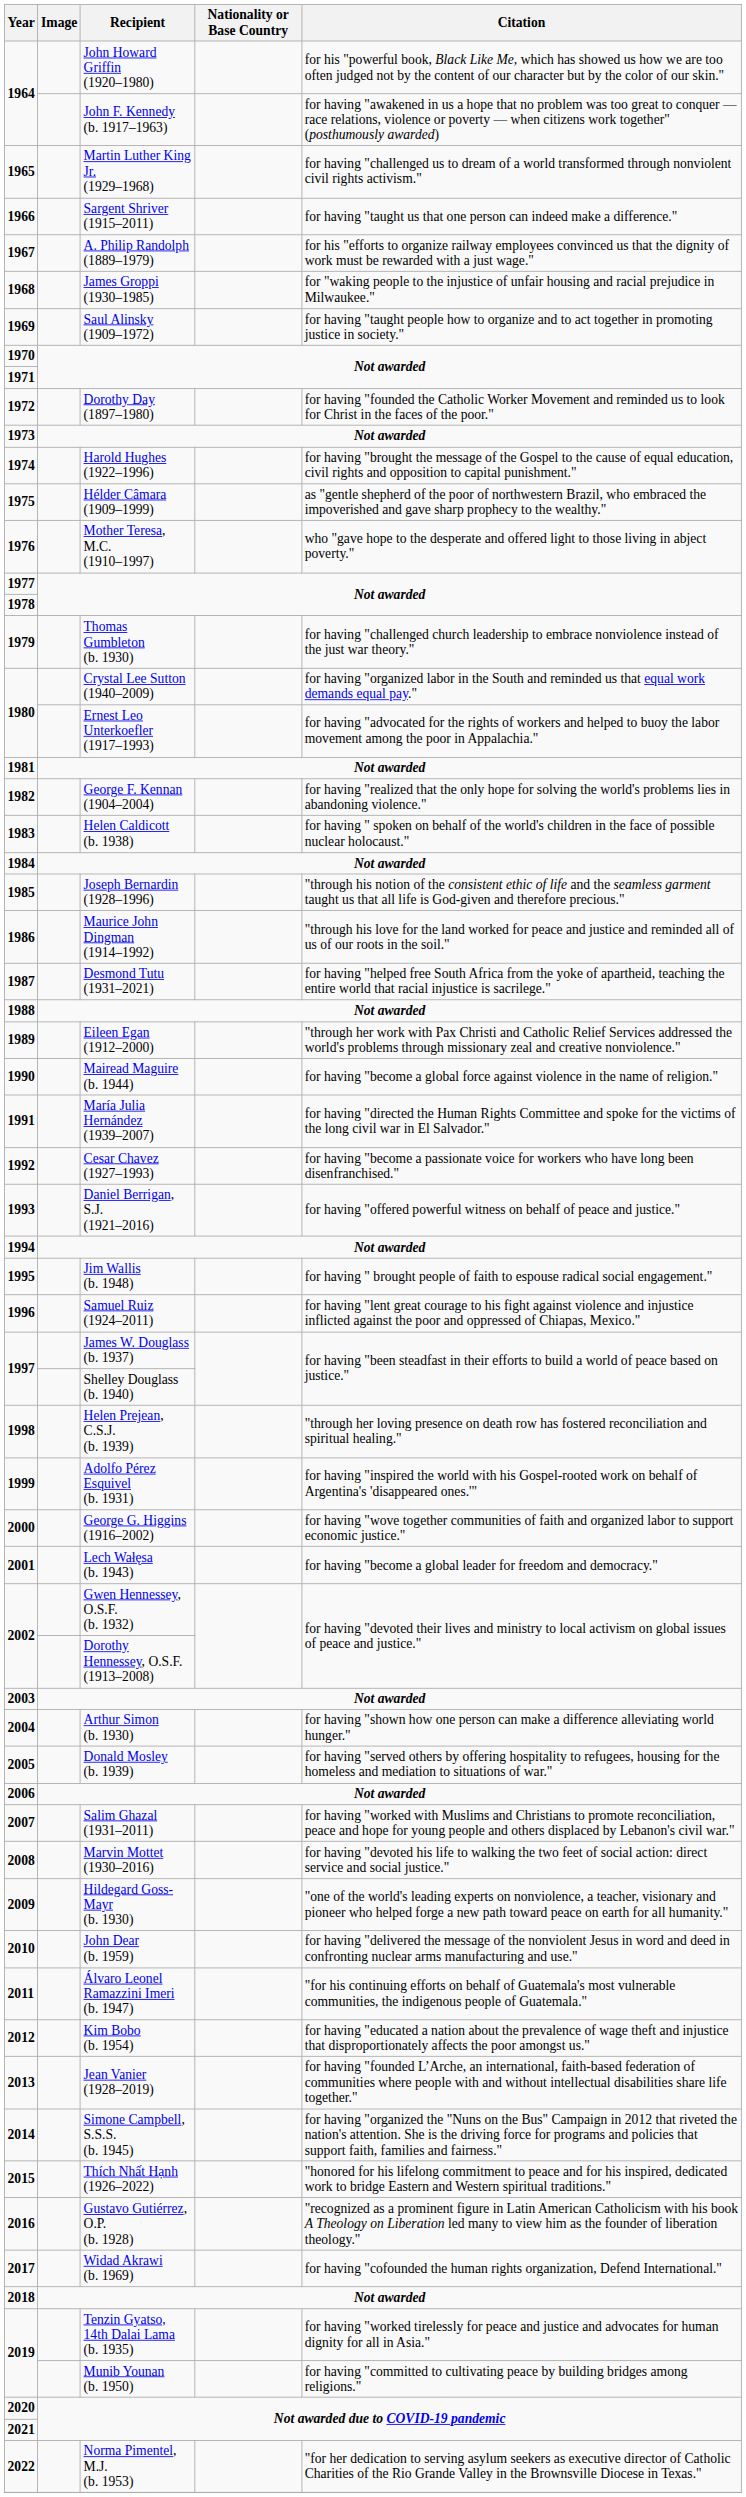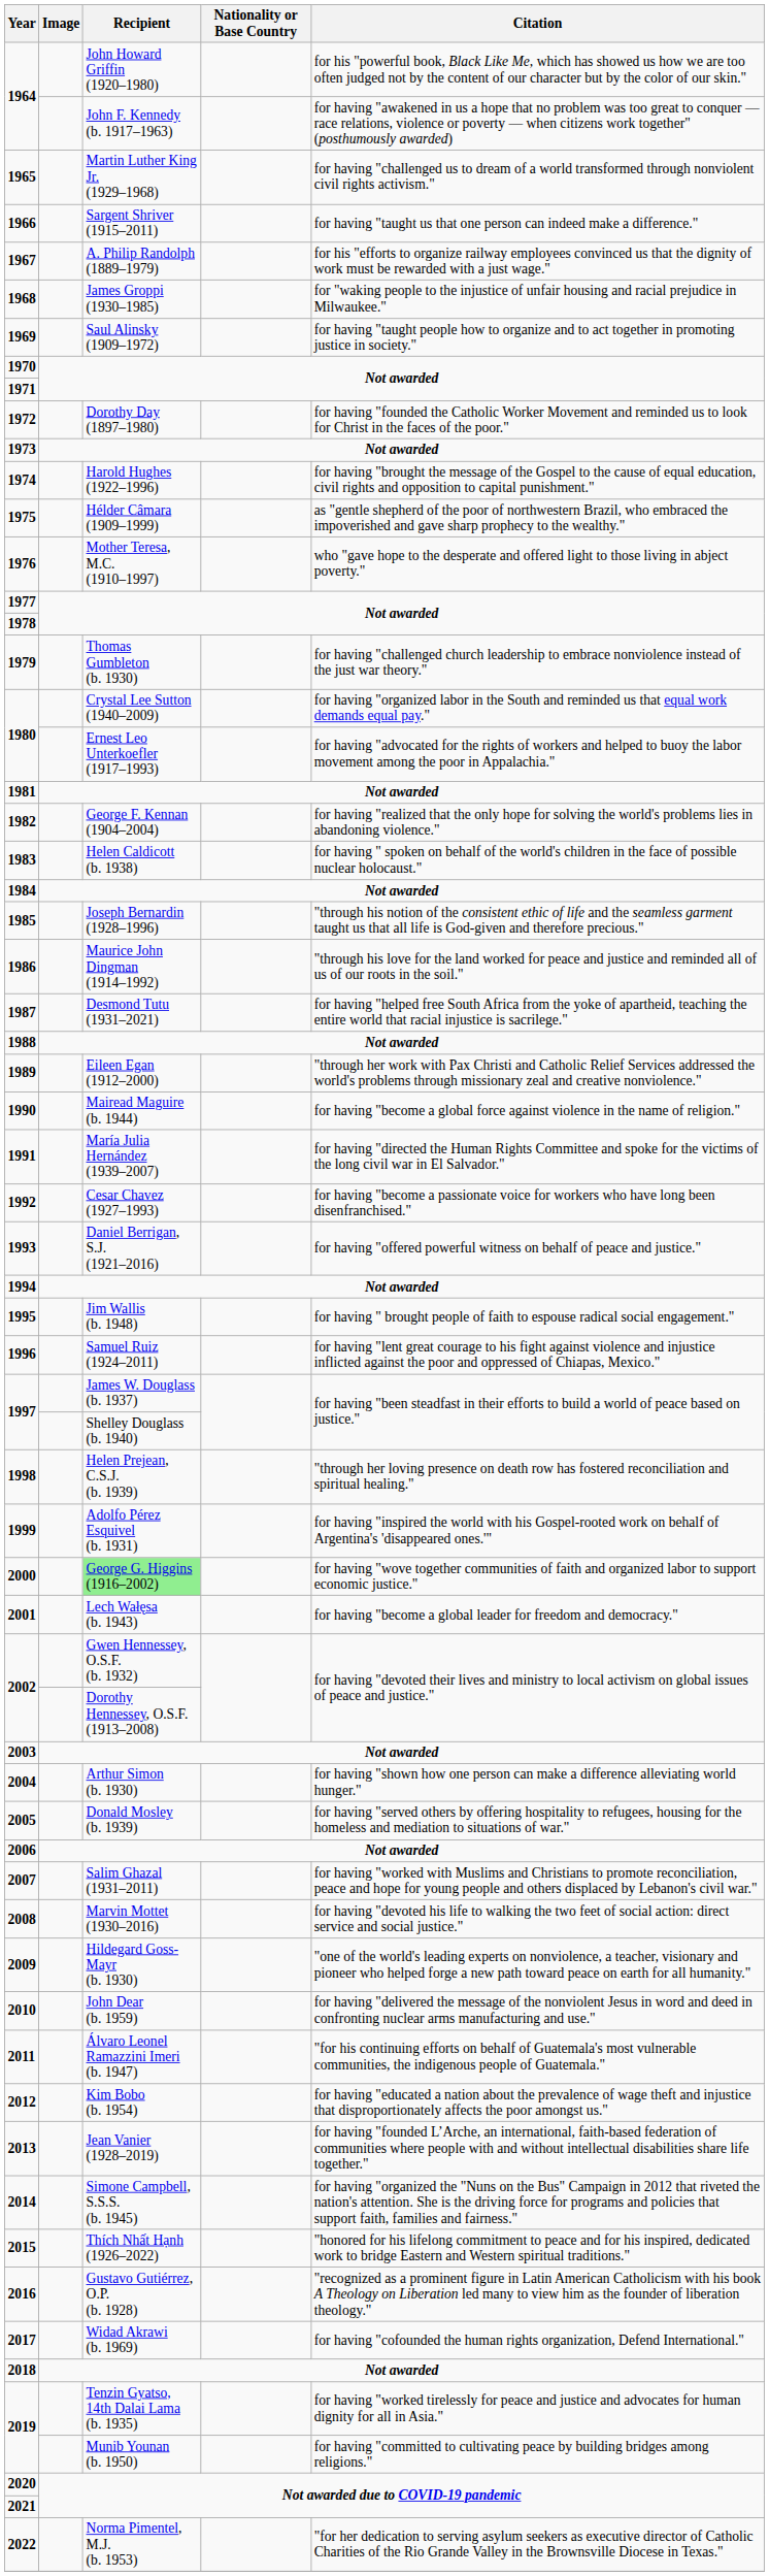 <table class="wikitable sortable" border="1">
 <tr>
 <th>Year</th>
 <th>Image</th>
 <th>Recipient</th>
 <th>Nationality or Base Country</th>
 <th>Citation</th>
 </tr>
 <tr>
 <td rowspan="2"><strong>1964</strong></td>
 <td></td>
 <td><a href='#'>John Howard Griffin</a><br>(1920–1980)</td>
 <td></td>
 <td>for his "powerful book, <em>Black Like Me,</em> which has showed us how we are too often judged not by the content of our character but by the color of our skin."</td>
 </tr>
 <tr>
 <td></td>
 <td><a href='#'>John F. Kennedy</a><br>(b. 1917–1963)</td>
 <td></td>
 <td>for having "awakened in us a hope that no problem was too great to conquer — race relations, violence or poverty — when citizens work together" (<em>posthumously awarded</em>)</td>
 </tr>
 <tr>
 <td><strong>1965</strong></td>
 <td></td>
 <td><a href='#'>Martin Luther King Jr.</a><br>(1929–1968)</td>
 <td></td>
 <td>for having "challenged us to dream of a world transformed through nonviolent civil rights activism."</td>
 </tr>
 <tr>
 <td><strong>1966</strong></td>
 <td></td>
 <td><a href='#'>Sargent Shriver</a><br>(1915–2011)</td>
 <td></td>
 <td>for having "taught us that one person can indeed make a difference."</td>
 </tr>
 <tr>
 <td><strong>1967</strong></td>
 <td></td>
 <td><a href='#'>A. Philip Randolph</a><br>(1889–1979)</td>
 <td></td>
 <td>for his "efforts to organize railway employees convinced us that the dignity of work must be rewarded with a just wage."</td>
 </tr>
 <tr>
 <td><strong>1968</strong></td>
 <td></td>
 <td><a href='#'>James Groppi</a><br>(1930–1985)</td>
 <td></td>
 <td>for "waking people to the injustice of unfair housing and racial prejudice in Milwaukee."</td>
 </tr>
 <tr>
 <td><strong>1969</strong></td>
 <td></td>
 <td><a href='#'>Saul Alinsky</a><br>(1909–1972)</td>
 <td></td>
 <td>for having "taught people how to organize and to act together in promoting justice in society."</td>
 </tr>
 <tr>
 <td><strong>1970</strong></td>
 <td colspan="4" rowspan="2" align="center"><strong><em>Not awarded</em></strong></td>
 </tr>
 <tr>
 <td><strong>1971</strong></td>
 </tr>
 <tr>
 <td><strong>1972</strong></td>
 <td></td>
 <td><a href='#'>Dorothy Day</a><br>(1897–1980)</td>
 <td></td>
 <td>for having "founded the Catholic Worker Movement and reminded us to look for Christ in the faces of the poor."</td>
 </tr>
 <tr>
 <td><strong>1973</strong></td>
 <td colspan="4" align="center"><strong><em>Not awarded</em></strong></td>
 </tr>
 <tr>
 <td><strong>1974</strong></td>
 <td></td>
 <td><a href='#'>Harold Hughes</a><br>(1922–1996)</td>
 <td></td>
 <td>for having "brought the message of the Gospel to the cause of equal education, civil rights and opposition to capital punishment."</td>
 </tr>
 <tr>
 <td><strong>1975</strong></td>
 <td></td>
 <td><a href='#'>Hélder Câmara</a><br>(1909–1999)</td>
 <td></td>
 <td>as "gentle shepherd of the poor of northwestern Brazil, who embraced the impoverished and gave sharp prophecy to the wealthy."</td>
 </tr>
 <tr>
 <td><strong>1976</strong></td>
 <td></td>
 <td><a href='#'>Mother Teresa</a>, M.C.<br>(1910–1997)</td>
 <td><br></td>
 <td>who "gave hope to the desperate and offered light to those living in abject poverty."</td>
 </tr>
 <tr>
 <td><strong>1977</strong></td>
 <td colspan="4" rowspan="2" align="center"><strong><em>Not awarded</em></strong></td>
 </tr>
 <tr>
 <td><strong>1978</strong></td>
 </tr>
 <tr>
 <td><strong>1979</strong></td>
 <td></td>
 <td><a href='#'>Thomas Gumbleton</a><br>(b. 1930)</td>
 <td></td>
 <td>for having "challenged church leadership to embrace nonviolence instead of the just war theory."</td>
 </tr>
 <tr>
 <td rowspan="2"><strong>1980</strong></td>
 <td></td>
 <td><a href='#'>Crystal Lee Sutton</a><br>(1940–2009)</td>
 <td></td>
 <td>for having "organized labor in the South and reminded us that <a href='#'>equal work demands equal pay</a>."</td>
 </tr>
 <tr>
 <td></td>
 <td><a href='#'>Ernest Leo Unterkoefler</a><br>(1917–1993)</td>
 <td></td>
 <td>for having "advocated for the rights of workers and helped to buoy the labor movement among the poor in Appalachia."</td>
 </tr>
 <tr>
 <td><strong>1981</strong></td>
 <td colspan="4" align="center"><strong><em>Not awarded</em></strong></td>
 </tr>
 <tr>
 <td><strong>1982</strong></td>
 <td></td>
 <td><a href='#'>George F. Kennan</a><br>(1904–2004)</td>
 <td></td>
 <td>for having "realized that the only hope for solving the world's problems lies in abandoning violence."</td>
 </tr>
 <tr>
 <td><strong>1983</strong></td>
 <td></td>
 <td><a href='#'>Helen Caldicott</a><br>(b. 1938)</td>
 <td></td>
 <td>for having " spoken on behalf of the world's children in the face of possible nuclear holocaust."</td>
 </tr>
 <tr>
 <td><strong>1984</strong></td>
 <td colspan="4" align="center"><strong><em>Not awarded</em></strong></td>
 </tr>
 <tr>
 <td><strong>1985</strong></td>
 <td></td>
 <td><a href='#'>Joseph Bernardin</a><br>(1928–1996)</td>
 <td></td>
 <td>"through his notion of the  <em>consistent ethic of life</em> and the <em>seamless garment</em> taught us that all life is God-given and therefore precious."</td>
 </tr>
 <tr>
 <td><strong>1986</strong></td>
 <td></td>
 <td><a href='#'>Maurice John Dingman</a><br>(1914–1992)</td>
 <td></td>
 <td>"through his love for the land worked for peace and justice and reminded all of us of our roots in the soil."</td>
 </tr>
 <tr>
 <td><strong>1987</strong></td>
 <td></td>
 <td><a href='#'>Desmond Tutu</a><br>(1931–2021)</td>
 <td></td>
 <td>for having "helped free South Africa from the yoke of apartheid, teaching the entire world that racial injustice is sacrilege."</td>
 </tr>
 <tr>
 <td><strong>1988</strong></td>
 <td colspan="4" align="center"><strong><em>Not awarded</em></strong></td>
 </tr>
 <tr>
 <td><strong>1989</strong></td>
 <td></td>
 <td><a href='#'>Eileen Egan</a><br>(1912–2000)</td>
 <td></td>
 <td>"through her work with Pax Christi and Catholic Relief Services addressed the world's problems through missionary zeal and creative nonviolence."</td>
 </tr>
 <tr>
 <td><strong>1990</strong></td>
 <td></td>
 <td><a href='#'>Mairead Maguire</a><br>(b. 1944)</td>
 <td><br></td>
 <td>for having "become a global force against violence in the name of religion."</td>
 </tr>
 <tr>
 <td><strong>1991</strong></td>
 <td></td>
 <td><a href='#'>María Julia Hernández</a><br>(1939–2007)</td>
 <td></td>
 <td>for having "directed the Human Rights Committee and spoke for the victims of the long civil war in El Salvador."</td>
 </tr>
 <tr>
 <td><strong>1992</strong></td>
 <td></td>
 <td><a href='#'>Cesar Chavez</a><br>(1927–1993)</td>
 <td></td>
 <td>for having "become a passionate voice for workers who have long been disenfranchised."</td>
 </tr>
 <tr>
 <td><strong>1993</strong></td>
 <td></td>
 <td><a href='#'>Daniel Berrigan</a>, S.J.<br>(1921–2016)</td>
 <td></td>
 <td>for having "offered powerful witness on behalf of peace and justice."</td>
 </tr>
 <tr>
 <td><strong>1994</strong></td>
 <td colspan="4" align="center"><strong><em>Not awarded</em></strong></td>
 </tr>
 <tr>
 <td><strong>1995</strong></td>
 <td></td>
 <td><a href='#'>Jim Wallis</a><br>(b. 1948)</td>
 <td></td>
 <td>for having " brought people of faith to espouse radical social engagement."</td>
 </tr>
 <tr>
 <td><strong>1996</strong></td>
 <td></td>
 <td><a href='#'>Samuel Ruiz</a><br>(1924–2011)</td>
 <td></td>
 <td>for having "lent great courage to his fight against violence and injustice inflicted against the poor and oppressed of Chiapas, Mexico."</td>
 </tr>
 <tr>
 <td rowspan="2"><strong>1997</strong></td>
 <td></td>
 <td><a href='#'>James W. Douglass</a><br>(b. 1937)</td>
 <td rowspan="2"></td>
 <td rowspan="2">for having "been steadfast in their efforts to build a world of peace based on justice."</td>
 </tr>
 <tr>
 <td></td>
 <td>Shelley Douglass<br>(b. 1940)</td>
 </tr>
 <tr>
 <td><strong>1998</strong></td>
 <td></td>
 <td><a href='#'>Helen Prejean</a>, C.S.J.<br>(b. 1939)</td>
 <td></td>
 <td>"through her loving presence on death row has fostered reconciliation and spiritual healing."</td>
 </tr>
 <tr>
 <td><strong>1999</strong></td>
 <td></td>
 <td><a href='#'>Adolfo Pérez Esquivel</a><br>(b. 1931)</td>
 <td></td>
 <td>for having "inspired the world with his Gospel-rooted work on behalf of Argentina's 'disappeared ones.'"</td>
 </tr>
 <tr>
 <td><strong>2000</strong></td>
 <td></td>
-<td><a href='#'>George G. Higgins</a><br>(1916–2002)</td>
+<td style="background: lightgreen;"><a href='#'>George G. Higgins</a><br>(1916–2002)</td>
 <td></td>
 <td>for having "wove together communities of faith and organized labor to support economic justice."</td>
 </tr>
 <tr>
 <td><strong>2001</strong></td>
 <td></td>
 <td><a href='#'>Lech Wałęsa</a><br>(b. 1943)</td>
 <td></td>
 <td>for having "become a global leader for freedom and democracy."</td>
 </tr>
 <tr>
 <td rowspan="2"><strong>2002</strong></td>
 <td></td>
 <td><a href='#'>Gwen Hennessey</a>, O.S.F.<br>(b. 1932)</td>
 <td rowspan="2"></td>
 <td rowspan="2">for having "devoted their lives and ministry to local activism on global issues of peace and justice."</td>
 </tr>
 <tr>
 <td></td>
 <td><a href='#'>Dorothy Hennessey</a>, O.S.F.<br>(1913–2008)</td>
 </tr>
 <tr>
 <td><strong>2003</strong></td>
 <td colspan="4" align="center"><strong><em>Not awarded</em></strong></td>
 </tr>
 <tr>
 <td><strong>2004</strong></td>
 <td></td>
 <td><a href='#'>Arthur Simon</a><br>(b. 1930)</td>
 <td></td>
 <td>for having "shown how one person can make a difference alleviating world hunger."</td>
 </tr>
 <tr>
 <td><strong>2005</strong></td>
 <td></td>
 <td><a href='#'>Donald Mosley</a><br>(b. 1939)</td>
 <td></td>
 <td>for having "served others by offering hospitality to refugees, housing for the homeless and mediation to situations of war."</td>
 </tr>
 <tr>
 <td><strong>2006</strong></td>
 <td colspan="4" align="center"><strong><em>Not awarded</em></strong></td>
 </tr>
 <tr>
 <td><strong>2007</strong></td>
 <td></td>
 <td><a href='#'>Salim Ghazal</a><br>(1931–2011)</td>
 <td></td>
 <td>for having "worked with Muslims and Christians to promote reconciliation, peace and hope for young people and others displaced by Lebanon's civil war."</td>
 </tr>
 <tr>
 <td><strong>2008</strong></td>
 <td></td>
 <td><a href='#'>Marvin Mottet</a><br>(1930–2016)</td>
 <td></td>
 <td>for having "devoted his life to walking the two feet of social action: direct service and social justice."</td>
 </tr>
 <tr>
 <td><strong>2009</strong></td>
 <td></td>
 <td><a href='#'>Hildegard Goss-Mayr</a><br>(b. 1930)</td>
 <td></td>
 <td>"one of the world's leading experts on nonviolence, a teacher, visionary and pioneer who helped forge a new path toward peace on earth for all humanity."</td>
 </tr>
 <tr>
 <td><strong>2010</strong></td>
 <td></td>
 <td><a href='#'>John Dear</a><br>(b. 1959)</td>
 <td></td>
 <td>for having "delivered the message of the nonviolent Jesus in word and deed in confronting nuclear arms manufacturing and use."</td>
 </tr>
 <tr>
 <td><strong>2011</strong></td>
 <td></td>
 <td><a href='#'>Álvaro Leonel Ramazzini Imeri</a><br>(b. 1947)</td>
 <td></td>
 <td>"for his continuing efforts on behalf of Guatemala's most vulnerable communities, the indigenous people of Guatemala."</td>
 </tr>
 <tr>
 <td><strong>2012</strong></td>
 <td></td>
 <td><a href='#'>Kim Bobo</a><br>(b. 1954)</td>
 <td></td>
 <td>for having "educated a nation about the prevalence of wage theft and injustice that disproportionately affects the poor amongst us."</td>
 </tr>
 <tr>
 <td><strong>2013</strong></td>
 <td></td>
 <td><a href='#'>Jean Vanier</a><br>(1928–2019)</td>
 <td></td>
 <td>for having "founded L’Arche, an international, faith-based federation of communities where people with and without intellectual disabilities share life together."</td>
 </tr>
 <tr>
 <td><strong>2014</strong></td>
 <td></td>
 <td><a href='#'>Simone Campbell</a>, S.S.S.<br>(b. 1945)</td>
 <td></td>
 <td>for having "organized the "Nuns on the Bus" Campaign in 2012 that riveted the nation's attention.  She is the driving force for programs and policies that support faith, families and fairness."</td>
 </tr>
 <tr>
 <td><strong>2015</strong></td>
 <td></td>
 <td><a href='#'>Thích Nhất Hạnh</a><br>(1926–2022)</td>
 <td></td>
 <td>"honored for his lifelong commitment to peace and for his inspired, dedicated work to bridge Eastern and Western spiritual traditions."</td>
 </tr>
 <tr>
 <td><strong>2016</strong></td>
 <td></td>
 <td><a href='#'>Gustavo Gutiérrez</a>, O.P.<br>(b. 1928)</td>
 <td></td>
 <td>"recognized as a prominent figure in Latin American Catholicism with his book <em>A Theology on Liberation</em> led many to view him as the founder of liberation theology."</td>
 </tr>
 <tr>
 <td><strong>2017</strong></td>
 <td></td>
 <td><a href='#'>Widad Akrawi</a><br>(b. 1969)</td>
 <td></td>
 <td>for having "cofounded the human rights organization, Defend International."</td>
 </tr>
 <tr>
 <td><strong>2018</strong></td>
 <td colspan="4" align="center"><strong><em>Not awarded</em></strong></td>
 </tr>
 <tr>
 <td rowspan="2"><strong>2019</strong></td>
 <td></td>
 <td><a href='#'>Tenzin Gyatso, 14th Dalai Lama</a><br>(b. 1935)</td>
 <td></td>
 <td>for having "worked tirelessly for peace and justice and advocates for human dignity for all in Asia."</td>
 </tr>
 <tr>
 <td></td>
 <td><a href='#'>Munib Younan</a><br>(b. 1950)</td>
 <td></td>
 <td>for having "committed to cultivating peace by building bridges among religions."</td>
 </tr>
 <tr>
 <td><strong>2020</strong></td>
 <td colspan="4" rowspan="2" align="center"><strong><em>Not awarded due to <a href='#'>COVID-19 pandemic</a></em></strong></td>
 </tr>
 <tr>
 <td><strong>2021</strong></td>
 </tr>
 <tr>
 <td><strong>2022</strong></td>
 <td></td>
 <td><a href='#'>Norma Pimentel</a>, M.J.<br>(b. 1953)</td>
 <td></td>
 <td>"for her dedication to serving asylum seekers as executive director of Catholic Charities of the Rio Grande Valley in the Brownsville Diocese in Texas."</td>
 </tr>
 <tr>
 </tr>
 </table>
